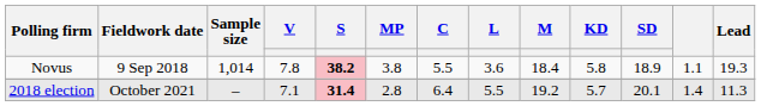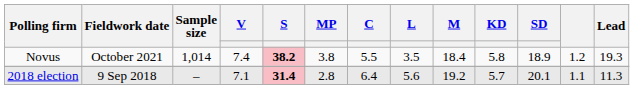 <table class="wikitable sortable" style="text-align:center;font-size:90%;line-height:14px;">
 <tr style="height:40px;">
 <th rowspan="2">Polling firm</th>
 <th rowspan="2">Fieldwork date</th>
 <th rowspan="2">Sample<br>size</th>
 <th class="sortable" style="width:40px;"><a href='#'>V</a></th>
 <th class="sortable" style="width:40px;"><a href='#'>S</a></th>
 <th class="sortable" style="width:40px;"><a href='#'>MP</a></th>
 <th class="sortable" style="width:40px;"><a href='#'>C</a></th>
 <th class="sortable" style="width:40px;"><a href='#'>L</a></th>
 <th class="sortable" style="width:40px;"><a href='#'>M</a></th>
 <th class="sortable" style="width:40px;"><a href='#'>KD</a></th>
 <th class="sortable" style="width:40px;"><a href='#'>SD</a></th>
 <th class="sortable" style="width:30px;" rowspan="2"></th>
 <th style="width:30px;" rowspan="2">Lead</th>
 </tr>
 <tr>
 <th style="background:"></th>
 <th style="background:"></th>
 <th style="background:"></th>
 <th style="background:"></th>
 <th style="background:"></th>
 <th style="background:"></th>
 <th style="background:"></th>
 <th style="background:"></th>
 </tr>
 <tr>
 <td>Novus</td>
-<td data-sort-value="2018-09-09">9 Sep 2018</td>
+<td>October 2021</td>
 <td>1,014</td>
-<td>7.8</td>
+<td>7.4</td>
 <td style="background:#F9BDC5;"><strong>38.2</strong></td>
 <td>3.8</td>
 <td>5.5</td>
-<td>3.6</td>
+<td>3.5</td>
 <td>18.4</td>
 <td>5.8</td>
 <td>18.9</td>
-<td>1.1</td>
+<td>1.2</td>
 <td style="background:">19.3</td>
 </tr>
 <tr>
 </tr>
 <tr style="background:#E9E9E9;">
 <td><a href='#'>2018 election</a></td>
-<td>October 2021</td>
+<td data-sort-value="2018-09-09">9 Sep 2018</td>
 <td>–</td>
 <td>7.1</td>
 <td style="background:#F9BDC5;"><strong>31.4</strong></td>
 <td>2.8</td>
 <td>6.4</td>
-<td>5.5</td>
+<td>5.6</td>
 <td>19.2</td>
 <td>5.7</td>
 <td>20.1</td>
-<td>1.4</td>
+<td>1.1</td>
 <td style="background:">11.3</td>
 </tr>
 </table>
